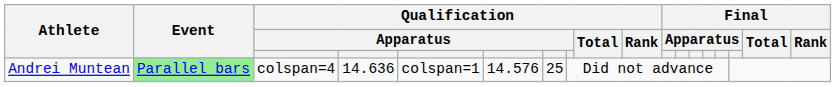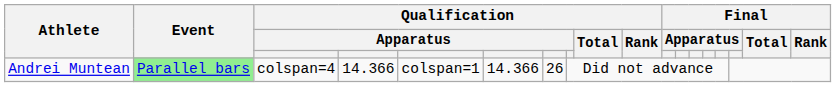 <table class="wikitable" style="font-size:90%">
 <tr>
 <th rowspan=3>Athlete</th>
 <th rowspan=3>Event</th>
 <th colspan =8>Qualification</th>
 <th colspan =8>Final</th>
 </tr>
 <tr style="font-size:95%">
 <th colspan=6>Apparatus</th>
 <th rowspan=2>Total</th>
 <th rowspan=2>Rank</th>
 <th colspan=6>Apparatus</th>
 <th rowspan=2>Total</th>
 <th rowspan=2>Rank</th>
 </tr>
 <tr style="font-size:95%">
 <th></th>
 <th></th>
 <th></th>
 <th></th>
 <th></th>
 <th></th>
 <th></th>
 <th></th>
 <th></th>
 <th></th>
 <th></th>
 <th></th>
 </tr>
 <tr align=center>
 <td align=left><a href='#'>Andrei Muntean</a></td>
 <td align=left style="background: lightgreen;"><a href='#'>Parallel bars</a></td>
 <td>colspan=4 </td>
-<td>14.636</td>
+<td>14.366</td>
 <td>colspan=1 </td>
-<td>14.576</td>
-<td>25</td>
+<td>14.366</td>
+<td>26</td>
 <td colspan=8>Did not advance</td>
 </tr>
 </table>
